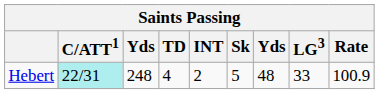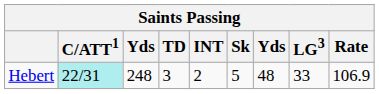 <table class="wikitable">
 <tr>
 <th colspan="9">Saints Passing</th>
 </tr>
 <tr>
 <th></th>
 <th>C/ATT<sup>1</sup></th>
 <th>Yds</th>
 <th>TD</th>
 <th>INT</th>
 <th>Sk</th>
 <th>Yds</th>
 <th>LG<sup>3</sup></th>
 <th>Rate</th>
 </tr>
 <tr>
 <td><a href='#'>Hebert</a></td>
 <td style="background: paleturquoise;">22/31</td>
 <td>248</td>
-<td>4</td>
+<td>3</td>
 <td>2</td>
 <td>5</td>
 <td>48</td>
 <td>33</td>
-<td>100.9</td>
+<td>106.9</td>
 </tr>
 </table>
